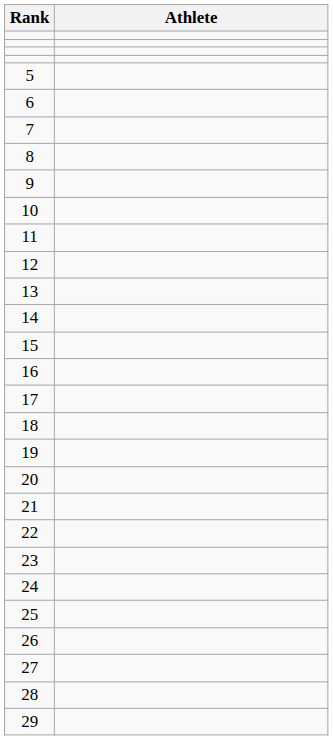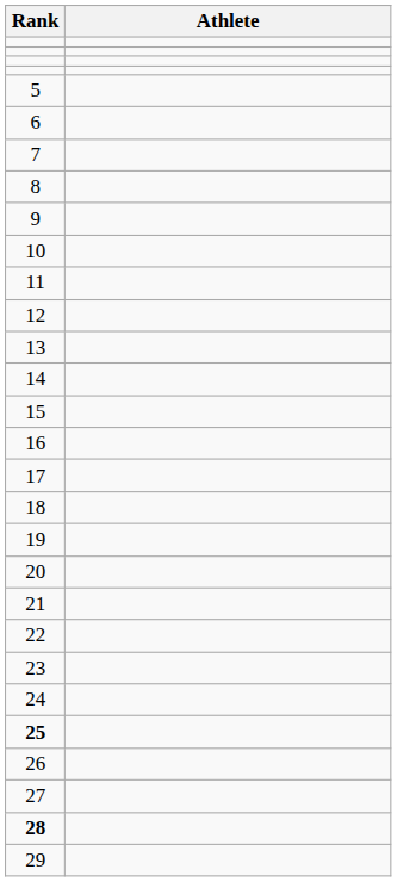 <table class="wikitable" style="text-align: center;">
 <tr>
 <th width=40>Rank</th>
 <th width=250>Athlete</th>
 </tr>
 <tr>
 <td></td>
 <td align=left></td>
 </tr>
 <tr>
 <td></td>
 <td align=left></td>
 </tr>
 <tr>
 <td></td>
 <td align=left></td>
 </tr>
 <tr>
 <td></td>
 <td align=left></td>
 </tr>
 <tr>
 <td>5</td>
 <td align=left></td>
 </tr>
 <tr>
 <td>6</td>
 <td align=left></td>
 </tr>
 <tr>
 <td>7</td>
 <td align=left></td>
 </tr>
 <tr>
 <td>8</td>
 <td align=left></td>
 </tr>
 <tr>
 <td>9</td>
 <td align=left></td>
 </tr>
 <tr>
 <td>10</td>
 <td align=left></td>
 </tr>
 <tr>
 <td>11</td>
 <td align=left></td>
 </tr>
 <tr>
 <td>12</td>
 <td align=left></td>
 </tr>
 <tr>
 <td>13</td>
 <td align=left></td>
 </tr>
 <tr>
 <td>14</td>
 <td align=left></td>
 </tr>
 <tr>
 <td>15</td>
 <td align=left></td>
 </tr>
 <tr>
 <td>16</td>
 <td align=left></td>
 </tr>
 <tr>
 <td>17</td>
 <td align=left></td>
 </tr>
 <tr>
 <td>18</td>
 <td align=left></td>
 </tr>
 <tr>
 <td>19</td>
 <td align=left></td>
 </tr>
 <tr>
 <td>20</td>
 <td align=left></td>
 </tr>
 <tr>
 <td>21</td>
 <td align=left></td>
 </tr>
 <tr>
 <td>22</td>
 <td align=left></td>
 </tr>
 <tr>
 <td>23</td>
 <td align=left></td>
 </tr>
 <tr>
 <td>24</td>
 <td align=left></td>
 </tr>
 <tr>
-<td>25</td>
+<td><strong>25</strong></td>
 <td align=left></td>
 </tr>
 <tr>
 <td>26</td>
 <td align=left></td>
 </tr>
 <tr>
 <td>27</td>
 <td align=left></td>
 </tr>
 <tr>
-<td>28</td>
+<td><strong>28</strong></td>
 <td align=left></td>
 </tr>
 <tr>
 <td>29</td>
 <td align=left></td>
 </tr>
 </table>
